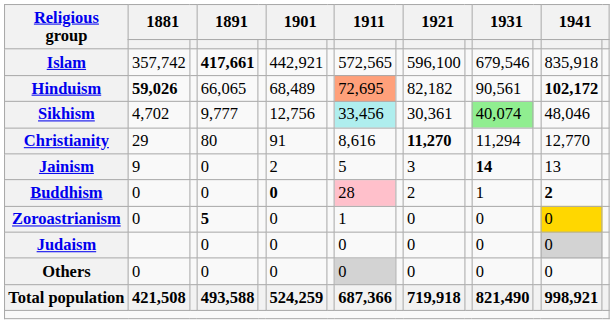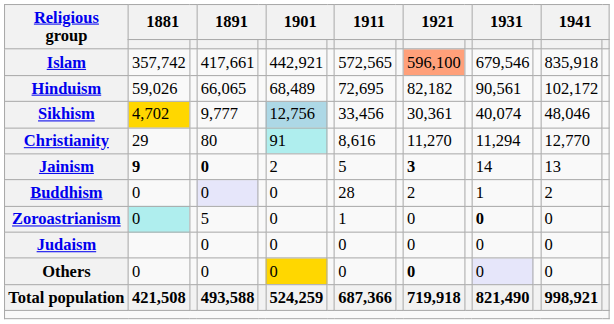 <table class="wikitable sortable">
 <tr>
 <th rowspan="2"><a href='#'>Religious</a><br>group</th>
 <th colspan="2">1881</th>
 <th colspan="2">1891</th>
 <th colspan="2">1901</th>
 <th colspan="2">1911</th>
 <th colspan="2">1921</th>
 <th colspan="2">1931</th>
 <th colspan="2">1941</th>
 </tr>
 <tr>
 <th><a href='#'></a></th>
 <th></th>
 <th></th>
 <th></th>
 <th></th>
 <th></th>
 <th></th>
 <th></th>
 <th></th>
 <th></th>
 <th></th>
 <th></th>
 <th></th>
 <th></th>
 </tr>
 <tr>
 <th><a href='#'>Islam</a> </th>
 <td>357,742</td>
 <td></td>
-<td><strong>417,661</strong></td>
+<td>417,661</td>
 <td></td>
 <td>442,921</td>
 <td></td>
 <td>572,565</td>
 <td></td>
-<td>596,100</td>
+<td style="background: lightsalmon;">596,100</td>
 <td></td>
 <td>679,546</td>
 <td></td>
 <td>835,918</td>
 <td></td>
 </tr>
 <tr>
 <th><a href='#'>Hinduism</a> </th>
-<td><strong>59,026</strong></td>
+<td>59,026</td>
 <td></td>
 <td>66,065</td>
 <td></td>
 <td>68,489</td>
 <td></td>
-<td style="background: lightsalmon;">72,695</td>
+<td>72,695</td>
 <td></td>
 <td>82,182</td>
 <td></td>
 <td>90,561</td>
 <td></td>
-<td><strong>102,172</strong></td>
+<td>102,172</td>
 <td></td>
 </tr>
 <tr>
 <th><a href='#'>Sikhism</a> </th>
-<td>4,702</td>
+<td style="background: gold;">4,702</td>
 <td></td>
 <td>9,777</td>
 <td></td>
-<td>12,756</td>
+<td style="background: lightblue;">12,756</td>
 <td></td>
-<td style="background: paleturquoise;">33,456</td>
+<td>33,456</td>
 <td></td>
 <td>30,361</td>
 <td></td>
-<td style="background: lightgreen;">40,074</td>
+<td>40,074</td>
 <td></td>
 <td>48,046</td>
 <td></td>
 </tr>
 <tr>
 <th><a href='#'>Christianity</a> </th>
 <td>29</td>
 <td></td>
 <td>80</td>
 <td></td>
-<td>91</td>
+<td style="background: paleturquoise;">91</td>
 <td></td>
 <td>8,616</td>
 <td></td>
-<td><strong>11,270</strong></td>
+<td>11,270</td>
 <td></td>
 <td>11,294</td>
 <td></td>
 <td>12,770</td>
 <td></td>
 </tr>
 <tr>
 <th><a href='#'>Jainism</a> </th>
-<td>9</td>
+<td><strong>9</strong></td>
 <td></td>
-<td>0</td>
+<td><strong>0</strong></td>
 <td></td>
 <td>2</td>
 <td></td>
 <td>5</td>
 <td></td>
-<td>3</td>
+<td><strong>3</strong></td>
 <td></td>
-<td><strong>14</strong></td>
+<td>14</td>
 <td></td>
 <td>13</td>
 <td></td>
 </tr>
 <tr>
 <th><a href='#'>Buddhism</a> </th>
 <td>0</td>
 <td></td>
+<td style="background: lavender;">0</td>
+<td></td>
 <td>0</td>
 <td></td>
-<td><strong>0</strong></td>
-<td></td>
-<td style="background: pink;">28</td>
+<td>28</td>
 <td></td>
 <td>2</td>
 <td></td>
 <td>1</td>
 <td></td>
-<td><strong>2</strong></td>
+<td>2</td>
 <td></td>
 </tr>
 <tr>
 <th><a href='#'>Zoroastrianism</a> </th>
-<td>0</td>
+<td style="background: paleturquoise;">0</td>
 <td></td>
-<td><strong>5</strong></td>
+<td>5</td>
 <td></td>
 <td>0</td>
 <td></td>
 <td>1</td>
 <td></td>
 <td>0</td>
 <td></td>
+<td><strong>0</strong></td>
+<td></td>
 <td>0</td>
-<td></td>
-<td style="background: gold;">0</td>
 <td></td>
 </tr>
 <tr>
 <th><a href='#'>Judaism</a> </th>
 <td></td>
 <td></td>
 <td>0</td>
 <td></td>
 <td>0</td>
 <td></td>
 <td>0</td>
 <td></td>
 <td>0</td>
 <td></td>
 <td>0</td>
 <td></td>
-<td style="background: lightgrey;">0</td>
+<td>0</td>
 <td></td>
 </tr>
 <tr>
 <th>Others</th>
 <td>0</td>
 <td></td>
 <td>0</td>
 <td></td>
-<td>0</td>
-<td></td>
-<td style="background: lightgrey;">0</td>
+<td style="background: gold;">0</td>
 <td></td>
 <td>0</td>
 <td></td>
-<td>0</td>
+<td><strong>0</strong></td>
+<td></td>
+<td style="background: lavender;">0</td>
 <td></td>
 <td>0</td>
 <td></td>
 </tr>
 <tr>
 <th>Total population</th>
 <th>421,508</th>
 <th></th>
 <th>493,588</th>
 <th></th>
 <th>524,259</th>
 <th></th>
 <th>687,366</th>
 <th></th>
 <th>719,918</th>
 <th></th>
 <th>821,490</th>
 <th></th>
 <th>998,921</th>
 <th></th>
 </tr>
 <tr class="sortbottom">
 <td colspan="15"></td>
 </tr>
 </table>
